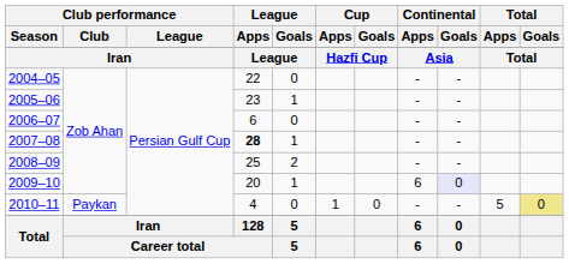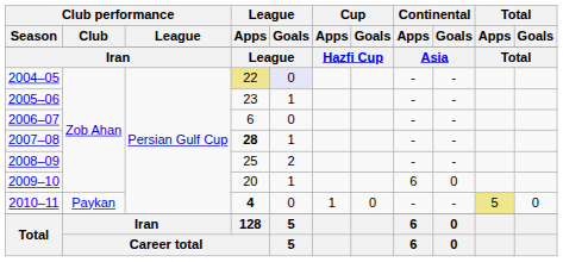 <table class="wikitable" style="text-align:center">
 <tr>
 <th colspan=3>Club performance</th>
 <th colspan=2>League</th>
 <th colspan=2>Cup</th>
 <th colspan=2>Continental</th>
 <th colspan=2>Total</th>
 </tr>
 <tr>
 <th>Season</th>
 <th>Club</th>
 <th>League</th>
 <th>Apps</th>
 <th>Goals</th>
 <th>Apps</th>
 <th>Goals</th>
 <th>Apps</th>
 <th>Goals</th>
 <th>Apps</th>
 <th>Goals</th>
 </tr>
 <tr>
 </tr>
 <tr>
 <th colspan=3>Iran</th>
 <th colspan=2>League</th>
 <th colspan=2><a href='#'>Hazfi Cup</a></th>
 <th colspan=2><a href='#'>Asia</a></th>
 <th colspan=2>Total</th>
 </tr>
 <tr>
 <td><a href='#'>2004–05</a></td>
 <td rowspan="6"><a href='#'>Zob Ahan</a></td>
 <td rowspan="7"><a href='#'>Persian Gulf Cup</a></td>
-<td>22</td>
-<td>0</td>
+<td style="background: khaki;">22</td>
+<td style="background: lavender;">0</td>
 <td></td>
 <td></td>
 <td>-</td>
 <td>-</td>
 <td></td>
 <td></td>
 </tr>
 <tr>
 <td><a href='#'>2005–06</a></td>
 <td>23</td>
 <td>1</td>
 <td></td>
 <td></td>
 <td>-</td>
 <td>-</td>
 <td></td>
 <td></td>
 </tr>
 <tr>
 <td><a href='#'>2006–07</a></td>
 <td>6</td>
 <td>0</td>
 <td></td>
 <td></td>
 <td>-</td>
 <td>-</td>
 <td></td>
 <td></td>
 </tr>
 <tr>
 <td><a href='#'>2007–08</a></td>
 <td><strong>28</strong></td>
 <td>1</td>
 <td></td>
 <td></td>
 <td>-</td>
 <td>-</td>
 <td></td>
 <td></td>
 </tr>
 <tr>
 <td><a href='#'>2008–09</a></td>
 <td>25</td>
 <td>2</td>
 <td></td>
 <td></td>
 <td>-</td>
 <td>-</td>
 <td></td>
 <td></td>
 </tr>
 <tr>
 <td><a href='#'>2009–10</a></td>
 <td>20</td>
 <td>1</td>
 <td></td>
 <td></td>
 <td>6</td>
-<td style="background: lavender;">0</td>
+<td>0</td>
 <td></td>
 <td></td>
 </tr>
 <tr>
 <td><a href='#'>2010–11</a></td>
 <td rowspan="1"><a href='#'>Paykan</a></td>
-<td>4</td>
+<td><strong>4</strong></td>
 <td>0</td>
 <td>1</td>
 <td>0</td>
 <td>-</td>
 <td>-</td>
-<td>5</td>
-<td style="background: khaki;">0</td>
+<td style="background: khaki;">5</td>
+<td>0</td>
 </tr>
 <tr>
 </tr>
 <tr>
 <th rowspan=4>Total</th>
 <th colspan=2>Iran</th>
 <th>128</th>
 <th>5</th>
 <th></th>
 <th></th>
 <th>6</th>
 <th>0</th>
 <th></th>
 <th></th>
 </tr>
 <tr>
 <th colspan=3>Career total</th>
 <th>5</th>
 <th></th>
 <th></th>
 <th>6</th>
 <th>0</th>
 <th></th>
 <th></th>
 </tr>
 </table>
